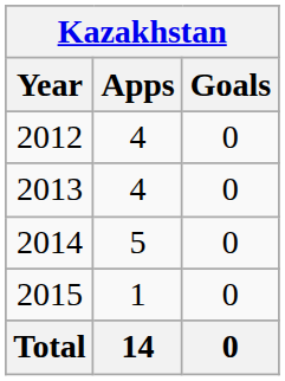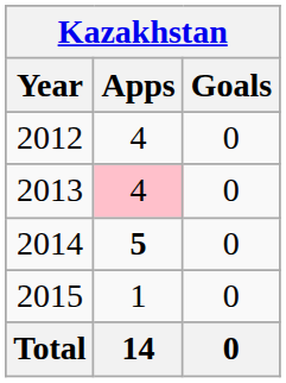 <table class="wikitable" style="text-align:center">
 <tr>
 <th colspan=3><a href='#'>Kazakhstan</a></th>
 </tr>
 <tr>
 <th>Year</th>
 <th>Apps</th>
 <th>Goals</th>
 </tr>
 <tr>
 <td>2012</td>
 <td>4</td>
 <td>0</td>
 </tr>
 <tr>
 <td>2013</td>
-<td>4</td>
+<td style="background: pink;">4</td>
 <td>0</td>
 </tr>
 <tr>
 <td>2014</td>
-<td>5</td>
+<td><strong>5</strong></td>
 <td>0</td>
 </tr>
 <tr>
 <td>2015</td>
 <td>1</td>
 <td>0</td>
 </tr>
 <tr>
 <th>Total</th>
 <th>14</th>
 <th>0</th>
 </tr>
 </table>
